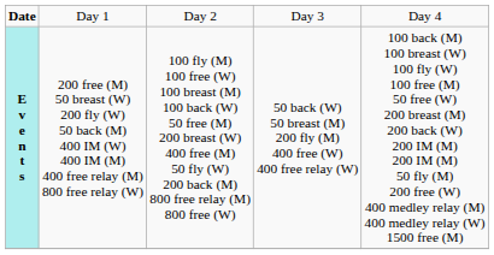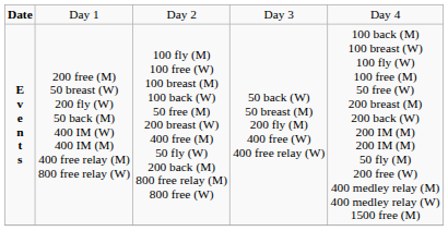 <table class=wikitable style="text-align:center">
 <tr>
 <td><strong>Date</strong></td>
 <td>Day 1</td>
 <td>Day 2</td>
 <td>Day 3</td>
 <td>Day 4</td>
 </tr>
 <tr>
-<td style="background: paleturquoise;"><strong>E<br>v<br>e<br>n<br>t<br>s</strong></td>
+<td><strong>E<br>v<br>e<br>n<br>t<br>s</strong></td>
 <td>200 free (M) <br> 50 breast (W) <br> 200 fly (W) <br> 50 back (M) <br> 400 IM (W) <br> 400 IM (M) <br> 400 free relay (M) <br> 800 free relay (W)</td>
 <td>100 fly (M) <br> 100 free (W) <br> 100 breast (M) <br> 100 back (W) <br> 50 free (M) <br> 200 breast (W) <br> 400 free (M) <br> 50 fly (W) <br> 200 back (M) <br> 800 free relay (M) <br> 800 free (W)</td>
 <td>50 back (W) <br> 50 breast (M) <br> 200 fly (M) <br> 400 free (W) <br> 400 free relay (W)</td>
 <td>100 back (M) <br> 100 breast (W) <br> 100 fly (W) <br> 100 free (M) <br> 50 free (W) <br> 200 breast (M) <br> 200 back (W) <br> 200 IM (M) <br> 200 IM (M) <br> 50 fly (M) <br> 200 free (W) <br> 400 medley relay (M) <br> 400 medley relay (W) <br> 1500 free (M)</td>
 </tr>
 <tr>
 </tr>
 </table>
